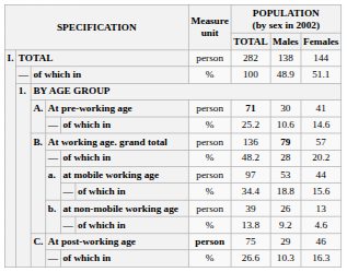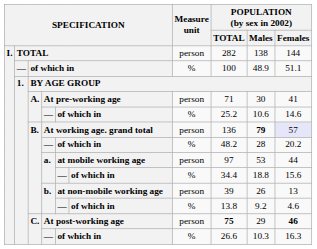 <table class="wikitable" style="font-size:85%; text-align:center">
 <tr>
 <th rowspan="2" colspan="6">SPECIFICATION</th>
 <th rowspan="2">Measure<br> unit</th>
 <th colspan="3" rowspan="1">POPULATION<br> (by sex in 2002)</th>
 </tr>
 <tr>
 <th>TOTAL</th>
 <th>Males</th>
 <th>Females</th>
 </tr>
 <tr>
 <th style="text-align:left" valign="top" rowspan="13">I.</th>
 <th style="text-align:left" colspan="5">TOTAL</th>
 <td>person</td>
 <td>282</td>
 <td>138</td>
 <td>144</td>
 </tr>
 <tr>
 <th style="text-align:left" valign="top">—</th>
 <th style="text-align:left" colspan="4">of which in</th>
 <td>%</td>
 <td>100</td>
 <td>48.9</td>
 <td>51.1</td>
 </tr>
 <tr>
 <th style="text-align:left" valign="top" rowspan="11">1.</th>
 <th style="text-align:left" colspan="19">BY AGE GROUP</th>
 </tr>
 <tr>
 <th style="text-align:left" valign="top" rowspan="2">A.</th>
 <th style="text-align:left" colspan="3">At pre-working age</th>
 <td>person</td>
-<td><strong>71</strong></td>
+<td>71</td>
 <td>30</td>
 <td>41</td>
 </tr>
 <tr>
 <th style="text-align:left" valign="top">—</th>
 <th style="text-align:left" valign="top" colspan="2">of which in</th>
 <td>%</td>
 <td>25.2</td>
 <td>10.6</td>
 <td>14.6</td>
 </tr>
 <tr>
 <th style="text-align:left" valign="top" rowspan="6">B.</th>
 <th style="text-align:left" colspan="3">At working age. grand total</th>
 <td>person</td>
 <td>136</td>
 <td><strong>79</strong></td>
-<td>57</td>
+<td style="background: lavender;">57</td>
 </tr>
 <tr>
 <th style="text-align:left" valign="top">—</th>
 <th style="text-align:left" valign="top" colspan="2">of which in</th>
 <td>%</td>
 <td>48.2</td>
 <td>28</td>
 <td>20.2</td>
 </tr>
 <tr>
 <th style="text-align:left" valign="top" rowspan="2">a.</th>
 <th style="text-align:left" colspan="2">at mobile working age</th>
 <td>person</td>
 <td>97</td>
 <td>53</td>
 <td>44</td>
 </tr>
 <tr>
 <th style="text-align:left" valign="top">—</th>
 <th style="text-align:left" valign="top" colspan="1">of which in                        </th>
 <td>%</td>
 <td>34.4</td>
 <td>18.8</td>
 <td>15.6</td>
 </tr>
 <tr>
 <th style="text-align:left" valign="top" rowspan="2">b.</th>
 <th style="text-align:left" colspan="2">at non-mobile working age</th>
 <td>person</td>
 <td>39</td>
 <td>26</td>
 <td>13</td>
 </tr>
 <tr>
 <th style="text-align:left" valign="top">—</th>
 <th style="text-align:left" valign="top" colspan="1">of which in                        </th>
 <td>%</td>
 <td>13.8</td>
 <td>9.2</td>
 <td>4.6</td>
 </tr>
 <tr>
 <th style="text-align:left" valign="top" rowspan="2">C.</th>
 <th style="text-align:left" colspan="3">At post-working age</th>
-<td><strong>person</strong></td>
-<td>75</td>
+<td>person</td>
+<td><strong>75</strong></td>
 <td>29</td>
-<td>46</td>
+<td><strong>46</strong></td>
 </tr>
 <tr>
 <th style="text-align:left" valign="top">—</th>
 <th style="text-align:left" valign="top" colspan="2">of which in</th>
 <td>%</td>
 <td>26.6</td>
 <td>10.3</td>
 <td>16.3</td>
 </tr>
 </table>
